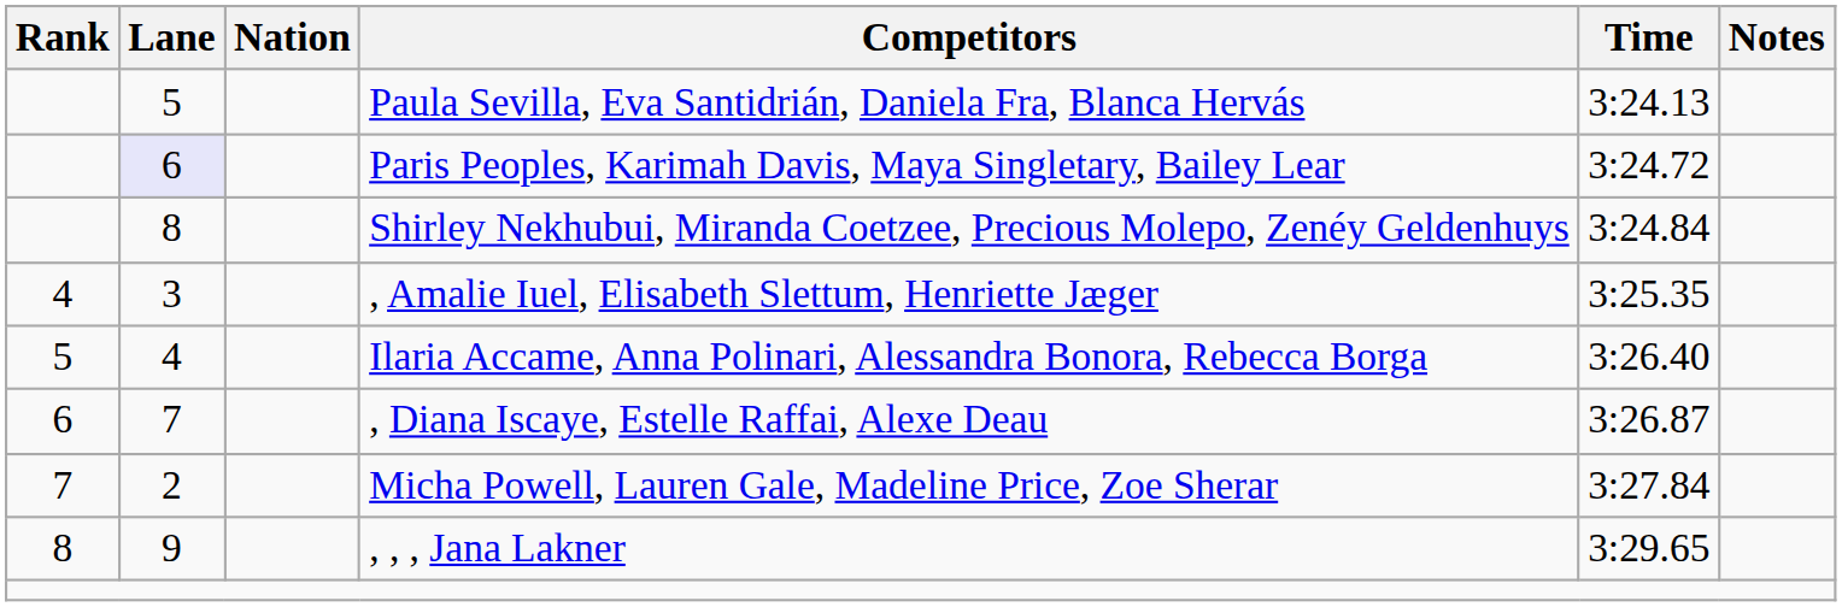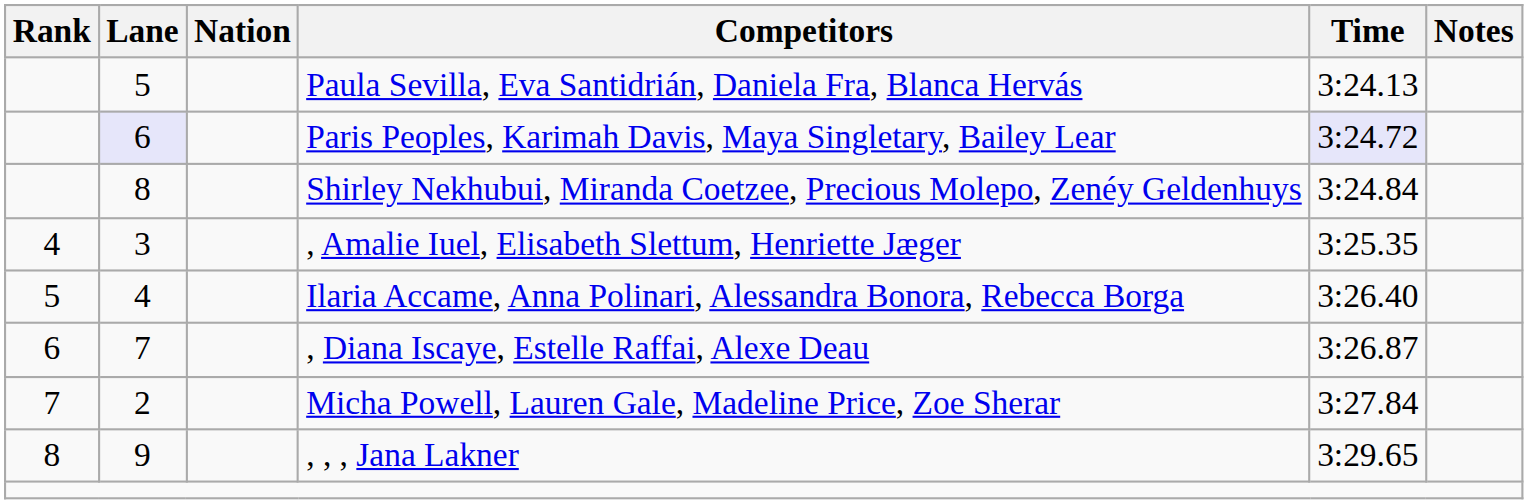 <table class="wikitable sortable" style="text-align:center">
 <tr>
 <th>Rank</th>
 <th>Lane</th>
 <th>Nation</th>
 <th>Competitors</th>
 <th>Time</th>
 <th>Notes</th>
 </tr>
 <tr>
 <td></td>
 <td>5</td>
 <td align="left"></td>
 <td align="left"><a href='#'>Paula Sevilla</a>, <a href='#'>Eva Santidrián</a>, <a href='#'>Daniela Fra</a>, <a href='#'>Blanca Hervás</a></td>
 <td>3:24.13</td>
 <td><strong></strong></td>
 </tr>
 <tr>
 <td></td>
 <td style="background: lavender;">6</td>
 <td align="left"></td>
 <td align="left"><a href='#'>Paris Peoples</a>, <a href='#'>Karimah Davis</a>, <a href='#'>Maya Singletary</a>, <a href='#'>Bailey Lear</a></td>
-<td>3:24.72</td>
+<td style="background: lavender;">3:24.72</td>
 <td></td>
 </tr>
 <tr>
 <td></td>
 <td>8</td>
 <td align="left"></td>
 <td align="left"><a href='#'>Shirley Nekhubui</a>, <a href='#'>Miranda Coetzee</a>, <a href='#'>Precious Molepo</a>, <a href='#'>Zenéy Geldenhuys</a></td>
 <td>3:24.84</td>
 <td><strong></strong></td>
 </tr>
 <tr>
 <td>4</td>
 <td>3</td>
 <td align="left"></td>
 <td align="left">, <a href='#'>Amalie Iuel</a>, <a href='#'>Elisabeth Slettum</a>, <a href='#'>Henriette Jæger</a></td>
 <td>3:25.35</td>
 <td><strong></strong></td>
 </tr>
 <tr>
 <td>5</td>
 <td>4</td>
 <td align="left"></td>
 <td align="left"><a href='#'>Ilaria Accame</a>, <a href='#'>Anna Polinari</a>, <a href='#'>Alessandra Bonora</a>, <a href='#'>Rebecca Borga</a></td>
 <td>3:26.40</td>
 <td></td>
 </tr>
 <tr>
 <td>6</td>
 <td>7</td>
 <td align="left"></td>
 <td align="left">, <a href='#'>Diana Iscaye</a>, <a href='#'>Estelle Raffai</a>, <a href='#'>Alexe Deau</a></td>
 <td>3:26.87</td>
 <td></td>
 </tr>
 <tr>
 <td>7</td>
 <td>2</td>
 <td align="left"></td>
 <td align="left"><a href='#'>Micha Powell</a>, <a href='#'>Lauren Gale</a>, <a href='#'>Madeline Price</a>, <a href='#'>Zoe Sherar</a></td>
 <td>3:27.84</td>
 <td></td>
 </tr>
 <tr>
 <td>8</td>
 <td>9</td>
 <td align="left"></td>
 <td align="left">, , , <a href='#'>Jana Lakner</a></td>
 <td>3:29.65</td>
 <td></td>
 </tr>
 <tr class="sortbottom">
 <td colspan="6"></td>
 </tr>
 </table>
